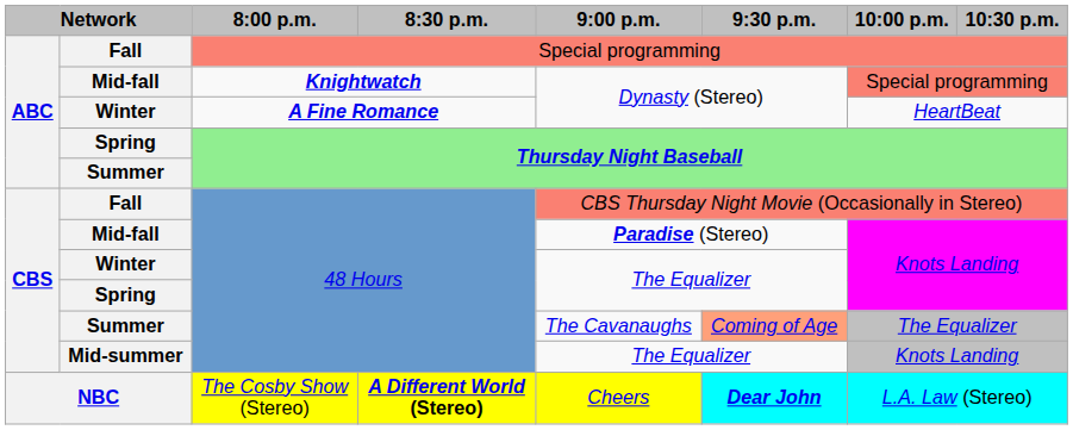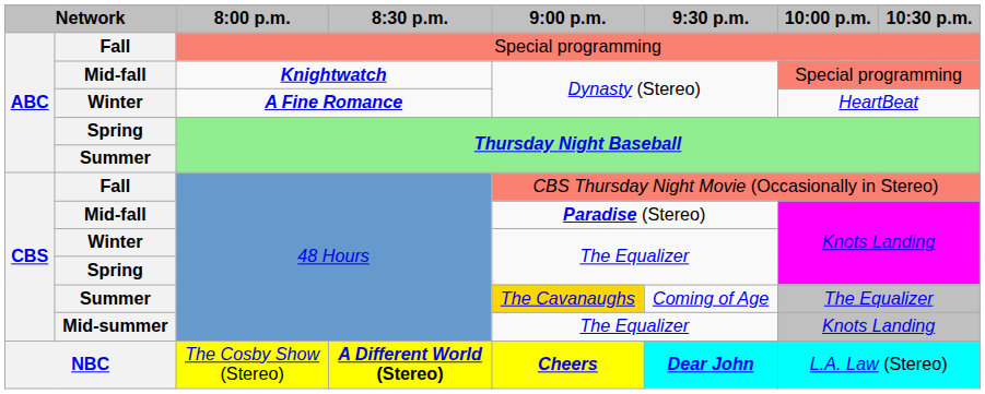 <table class="wikitable" style="width:100%;margin-right:0;text-align:center;">
 <tr>
 <th colspan="2" style="background-color:#C0C0C0;text-align:center">Network</th>
 <th style="background-color:#C0C0C0;text-align:center">8:00 p.m.</th>
 <th style="background-color:#C0C0C0;text-align:center">8:30 p.m.</th>
 <th style="background-color:#C0C0C0;text-align:center">9:00 p.m.</th>
 <th style="background-color:#C0C0C0;text-align:center">9:30 p.m.</th>
 <th style="background-color:#C0C0C0;text-align:center">10:00 p.m.</th>
 <th style="background-color:#C0C0C0;text-align:center">10:30 p.m.</th>
 </tr>
 <tr>
 <th rowspan="5"><a href='#'>ABC</a></th>
 <th>Fall</th>
 <td colspan="6" style="background:#FA8072;">Special programming</td>
 </tr>
 <tr>
 <th>Mid-fall</th>
 <td colspan="2"><strong><em><a href='#'>Knightwatch</a></em></strong></td>
 <td rowspan="2" colspan="2"><em><a href='#'>Dynasty</a></em> (Stereo)</td>
 <td colspan="2" style="background:#FA8072;">Special programming</td>
 </tr>
 <tr>
 <th>Winter</th>
 <td colspan="2"><strong><em><a href='#'>A Fine Romance</a></em></strong></td>
 <td colspan="2"><em><a href='#'>HeartBeat</a></em></td>
 </tr>
 <tr>
 <th>Spring</th>
 <td rowspan="2" colspan="6" style="background:lightgreen;"><strong><em><a href='#'>Thursday Night Baseball</a></em></strong></td>
 </tr>
 <tr>
 <th>Summer</th>
 </tr>
 <tr>
 <th rowspan="6"><a href='#'>CBS</a></th>
 <th>Fall</th>
 <td rowspan="6" colspan="2" style="background:#6699CC;"><em><a href='#'>48 Hours</a></em></td>
 <td colspan="4" style="background:#FA8072;"><em>CBS Thursday Night Movie</em> (Occasionally in Stereo)</td>
 </tr>
 <tr>
 <th>Mid-fall</th>
 <td colspan="2"><strong><em><a href='#'>Paradise</a></em></strong> (Stereo)</td>
 <td style="background:#FF00FF;" rowspan="3" colspan="2"><em><a href='#'>Knots Landing</a></em> </td>
 </tr>
 <tr>
 <th>Winter</th>
 <td rowspan="2" colspan="2"><em><a href='#'>The Equalizer</a></em></td>
 </tr>
 <tr>
 <th>Spring</th>
 </tr>
 <tr>
 <th>Summer</th>
-<td><em><a href='#'>The Cavanaughs</a></em></td>
-<td style="background: lightsalmon;"><em><a href='#'>Coming of Age</a></em></td>
+<td style="background: gold;"><em><a href='#'>The Cavanaughs</a></em></td>
+<td><em><a href='#'>Coming of Age</a></em></td>
 <td colspan="2" style="background:#C0C0C0;"><em><a href='#'>The Equalizer</a></em> </td>
 </tr>
 <tr>
 <th>Mid-summer</th>
 <td colspan="2"><em><a href='#'>The Equalizer</a></em></td>
 <td colspan="2" style="background:#C0C0C0;"><em><a href='#'>Knots Landing</a></em> </td>
 </tr>
 <tr>
 <th colspan="2"><a href='#'>NBC</a></th>
 <td style="background:#FFFF00;"><em><a href='#'>The Cosby Show</a></em><br>(Stereo) </td>
 <td style="background:#FFFF00;"><strong><em><a href='#'>A Different World</a></em><br>(Stereo) </strong></td>
-<td style="background:#FFFF00;"><em><a href='#'>Cheers</a></em> </td>
+<td style="background:#FFFF00;"><strong><em><a href='#'>Cheers</a></em> </strong></td>
 <td style="background:#00FFFF;"><strong><em><a href='#'>Dear John</a></em></strong> </td>
 <td style="background:#00FFFF;" colspan="2"><em><a href='#'>L.A. Law</a></em> (Stereo) </td>
 </tr>
 </table>
